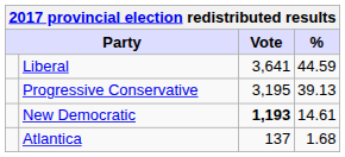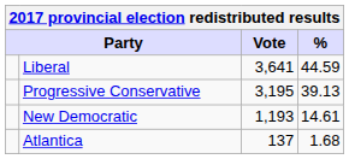 <table class="wikitable">
 <tr>
 <th colspan="4"><a href='#'>2017 provincial election</a> redistributed results</th>
 </tr>
 <tr>
 <th style="background:#ddf; width:130px;" colspan="2">Party</th>
 <th style="background:#ddf; width:50px;">Vote</th>
 <th style="background:#ddf; width:30px;">%</th>
 </tr>
 <tr>
 <td> </td>
 <td><a href='#'>Liberal</a></td>
 <td align=right>3,641</td>
 <td align=right>44.59</td>
 </tr>
 <tr>
 <td> </td>
 <td><a href='#'>Progressive Conservative</a></td>
 <td align=right>3,195</td>
 <td align=right>39.13</td>
 </tr>
 <tr>
 <td> </td>
 <td><a href='#'>New Democratic</a></td>
-<td align=right><strong>1,193</strong></td>
+<td align=right>1,193</td>
 <td align=right>14.61</td>
 </tr>
 <tr>
 <td> </td>
 <td><a href='#'>Atlantica</a></td>
 <td align=right>137</td>
 <td align=right>1.68</td>
 </tr>
 </table>
